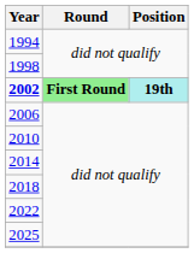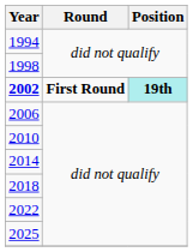 <table class="wikitable" style="text-align:center">
 <tr>
 <th>Year</th>
 <th>Round</th>
 <th>Position</th>
 </tr>
 <tr>
 <td> <a href='#'>1994</a></td>
 <td colspan="2" rowspan="2"><em>did not qualify</em></td>
 </tr>
 <tr>
 <td> <a href='#'>1998</a></td>
 </tr>
 <tr>
 <td> <strong><a href='#'>2002</a></strong></td>
-<td style="background: lightgreen;"><strong>First Round</strong></td>
+<td><strong>First Round</strong></td>
 <td style="background: paleturquoise;"><strong>19th</strong></td>
 </tr>
 <tr>
 <td> <a href='#'>2006</a></td>
 <td colspan="2" rowspan="6"><em>did not qualify</em></td>
 </tr>
 <tr>
 <td> <a href='#'>2010</a></td>
 </tr>
 <tr>
 <td> <a href='#'>2014</a></td>
 </tr>
 <tr>
 <td>  <a href='#'>2018</a></td>
 </tr>
 <tr>
 <td>  <a href='#'>2022</a></td>
 </tr>
 <tr>
 <td> <a href='#'>2025</a></td>
 </tr>
 <tr>
 </tr>
 </table>
